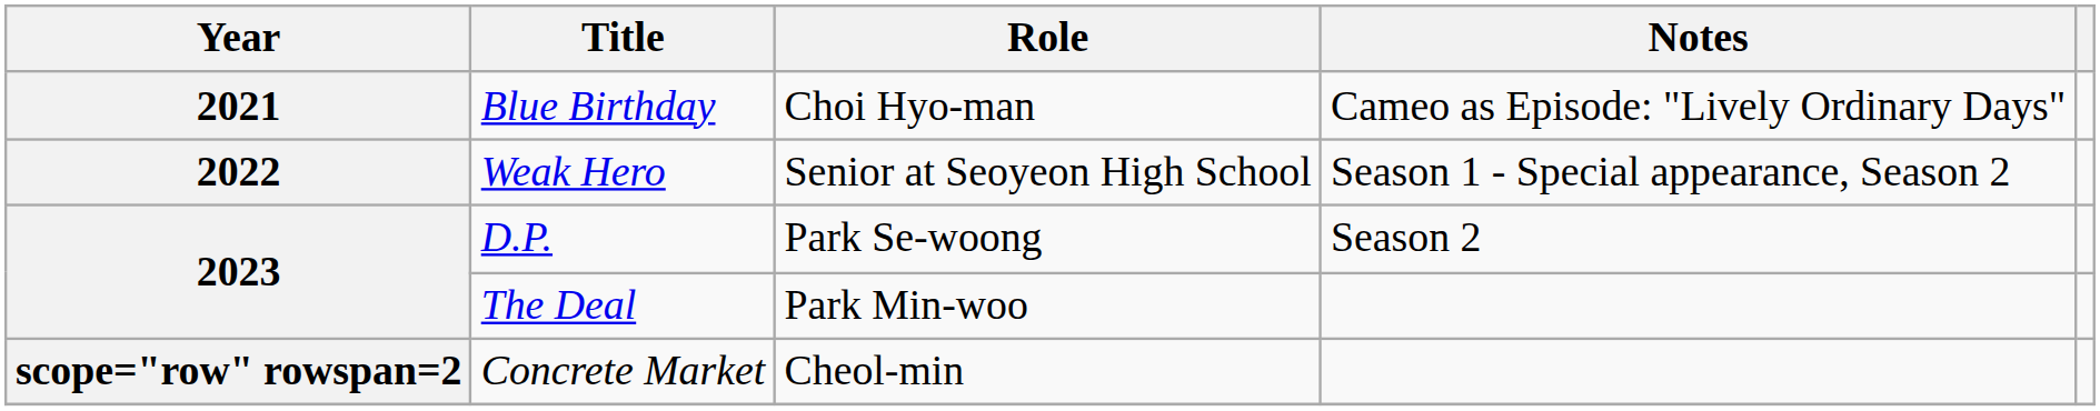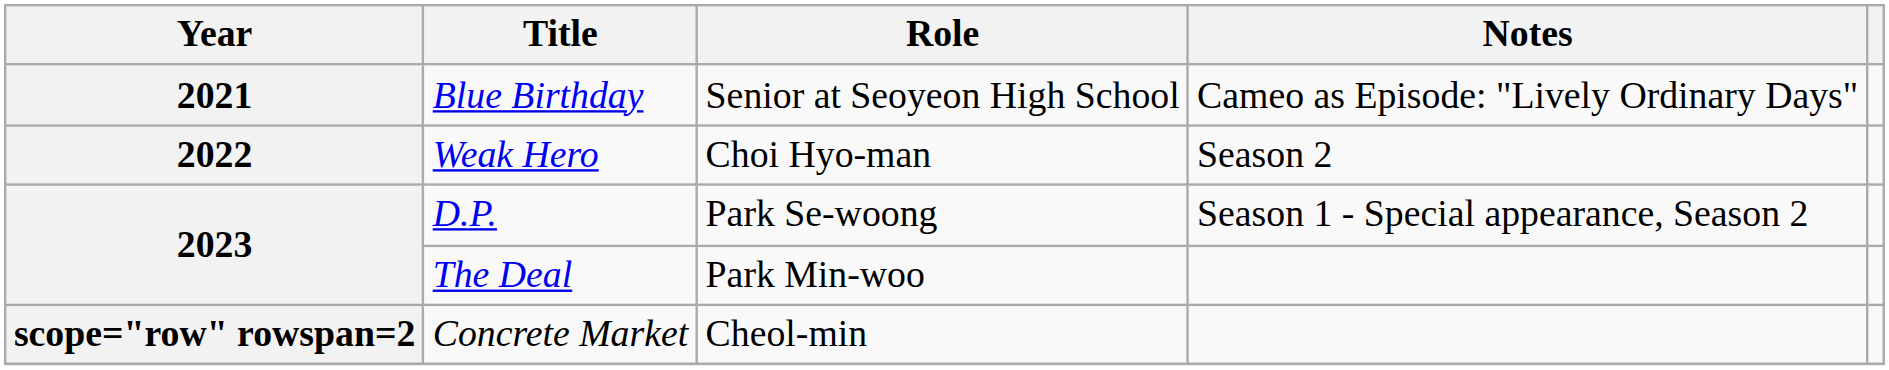 <table class="wikitable  plainrowheaders">
 <tr>
 <th scope="col">Year</th>
 <th scope="col">Title</th>
 <th scope="col">Role</th>
 <th scope="col">Notes</th>
 <th scope="col" class="unsortable"></th>
 </tr>
 <tr>
 <th scope="row">2021</th>
 <td><em><a href='#'>Blue Birthday</a></em></td>
-<td>Choi Hyo-man</td>
+<td>Senior at Seoyeon High School</td>
 <td>Cameo as Episode: "Lively Ordinary Days"</td>
 <td></td>
 </tr>
 <tr>
 <th scope="row">2022</th>
 <td><em><a href='#'>Weak Hero</a></em></td>
-<td>Senior at Seoyeon High School</td>
-<td>Season 1 - Special appearance, Season 2</td>
+<td>Choi Hyo-man</td>
+<td>Season 2</td>
 <td></td>
 </tr>
 <tr>
 <th rowspan="2" scope="row">2023</th>
 <td><em><a href='#'>D.P.</a></em></td>
 <td>Park Se-woong</td>
-<td>Season 2</td>
+<td>Season 1 - Special appearance, Season 2</td>
 <td></td>
 </tr>
 <tr>
 <td><em><a href='#'>The Deal</a></em></td>
 <td>Park Min-woo</td>
 <td></td>
 <td></td>
 </tr>
 <tr>
 <th>scope="row" rowspan=2</th>
 <td><em>Concrete Market</em></td>
 <td>Cheol-min</td>
 <td></td>
 <td></td>
 </tr>
 <tr>
 </tr>
 </table>
